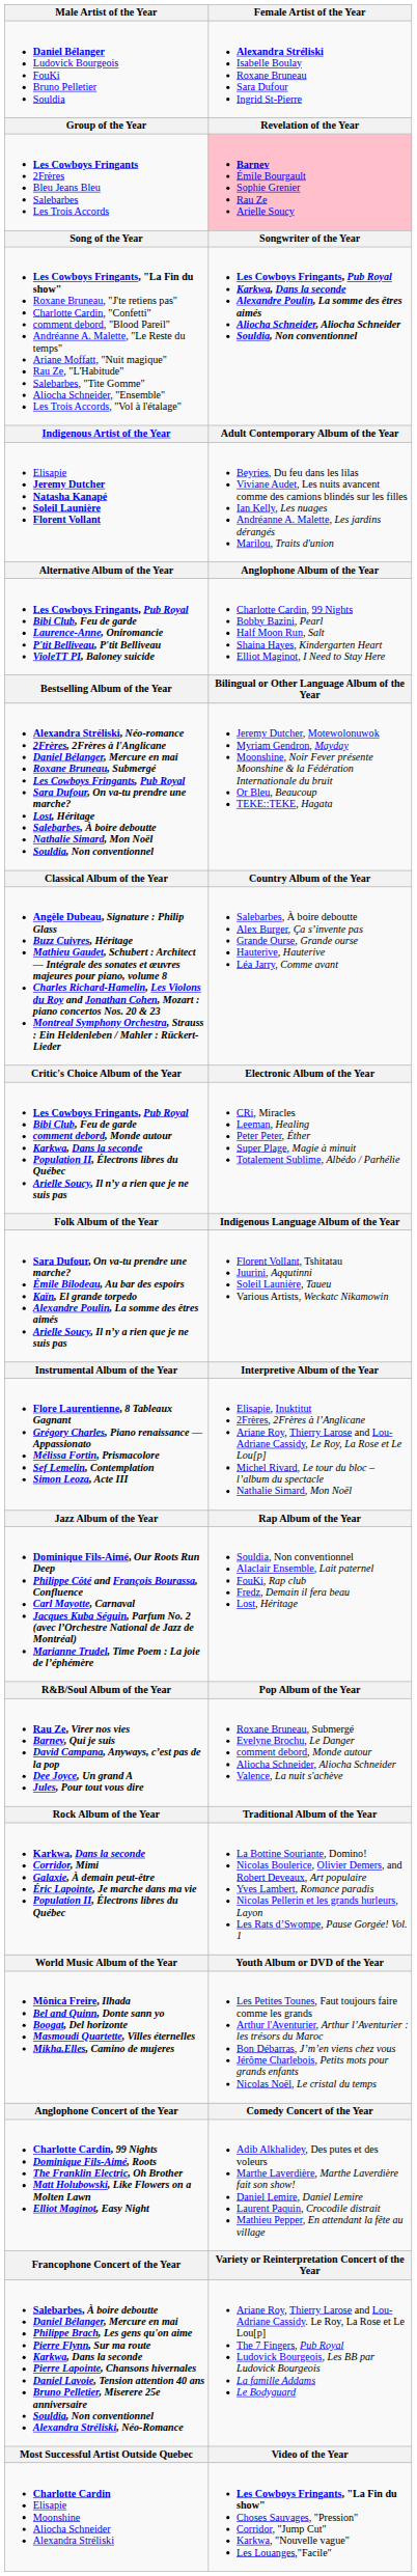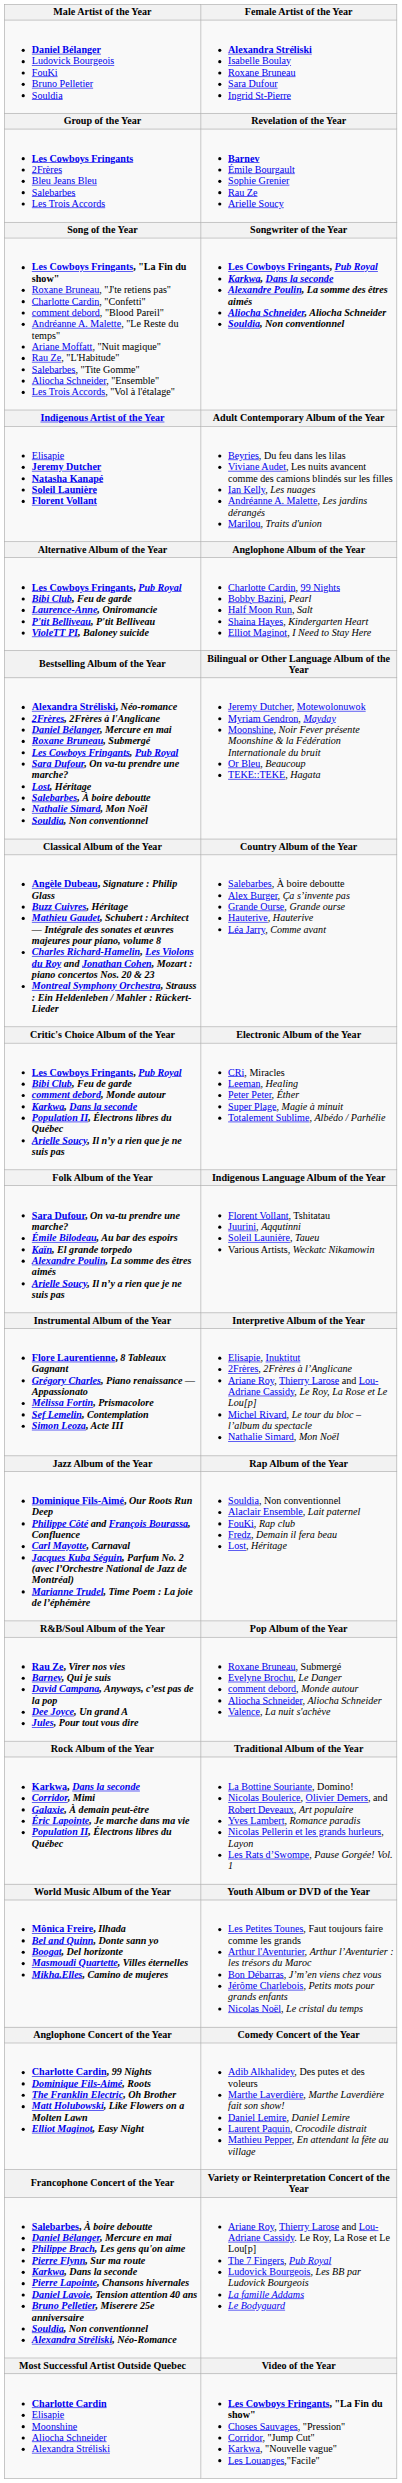 <table class=wikitable style="width:100%">
 <tr>
 <th style="width:50%">Male Artist of the Year</th>
 <th style="width:50%">Female Artist of the Year</th>
 </tr>
 <tr>
 <td valign="top"><br><ul><li> <strong><a href='#'>Daniel Bélanger</a></strong></li><li><a href='#'>Ludovick Bourgeois</a></li><li><a href='#'>FouKi</a></li><li><a href='#'>Bruno Pelletier</a></li><li><a href='#'>Souldia</a></li></ul></td>
 <td valign="top"><br><ul><li> <strong><a href='#'>Alexandra Stréliski</a></strong></li><li><a href='#'>Isabelle Boulay</a></li><li><a href='#'>Roxane Bruneau</a></li><li><a href='#'>Sara Dufour</a></li><li><a href='#'>Ingrid St-Pierre</a></li></ul></td>
 </tr>
 <tr>
 <th style="width:50%">Group of the Year</th>
 <th style="width:50%">Revelation of the Year</th>
 </tr>
 <tr>
 <td valign="top"><br><ul><li> <strong><a href='#'>Les Cowboys Fringants</a></strong></li><li><a href='#'>2Frères</a></li><li><a href='#'>Bleu Jeans Bleu</a></li><li><a href='#'>Salebarbes</a></li><li><a href='#'>Les Trois Accords</a></li></ul></td>
-<td valign="top" style="background: pink;"><br><ul><li> <strong><a href='#'>Barnev</a></strong></li><li><a href='#'>Émile Bourgault</a></li><li><a href='#'>Sophie Grenier</a></li><li><a href='#'>Rau Ze</a></li><li><a href='#'>Arielle Soucy</a></li></ul></td>
+<td valign="top"><br><ul><li> <strong><a href='#'>Barnev</a></strong></li><li><a href='#'>Émile Bourgault</a></li><li><a href='#'>Sophie Grenier</a></li><li><a href='#'>Rau Ze</a></li><li><a href='#'>Arielle Soucy</a></li></ul></td>
 </tr>
 <tr>
 <th style="width:50%">Song of the Year</th>
 <th style="width:50%">Songwriter of the Year</th>
 </tr>
 <tr>
 <td valign="top"><br><ul><li> <strong><a href='#'>Les Cowboys Fringants</a>, "La Fin du show"</strong></li><li><a href='#'>Roxane Bruneau</a>, "J'te retiens pas"</li><li><a href='#'>Charlotte Cardin</a>, "Confetti"</li><li><a href='#'>comment debord</a>, "Blood Pareil"</li><li><a href='#'>Andréanne A. Malette</a>, "Le Reste du temps"</li><li><a href='#'>Ariane Moffatt</a>, "Nuit magique"</li><li><a href='#'>Rau Ze</a>, "L'Habitude"</li><li><a href='#'>Salebarbes</a>, "Tite Gomme"</li><li><a href='#'>Aliocha Schneider</a>, "Ensemble"</li><li><a href='#'>Les Trois Accords</a>, "Vol à l'étalage"</li></ul></td>
 <td valign="top"><br><ul><li> <strong><a href='#'>Les Cowboys Fringants</a>, <em><a href='#'>Pub Royal</a><strong><em></li><li><a href='#'>Karkwa</a>, </em><a href='#'>Dans la seconde</a><em></li><li><a href='#'>Alexandre Poulin</a>, </em>La somme des êtres aimés<em></li><li><a href='#'>Aliocha Schneider</a>, </em>Aliocha Schneider<em></li><li><a href='#'>Souldia</a>, </em>Non conventionnel<em></li></ul></td>
 </tr>
 <tr>
 <th style="width:50%"><a href='#'>Indigenous Artist of the Year</a></th>
 <th style="width:50%">Adult Contemporary Album of the Year</th>
 </tr>
 <tr>
 <td valign="top"><br><ul><li> </strong><a href='#'>Elisapie</a><strong></li><li><a href='#'>Jeremy Dutcher</a></li><li><a href='#'>Natasha Kanapé</a></li><li><a href='#'>Soleil Launière</a></li><li><a href='#'>Florent Vollant</a></li></ul></td>
 <td valign="top"><br><ul><li> </strong><a href='#'>Beyries</a>, </em>Du feu dans les lilas</em></strong></li><li><a href='#'>Viviane Audet</a>, Les nuits avancent comme des camions blindés sur les filles</li><li><a href='#'>Ian Kelly</a>, <em>Les nuages</em></li><li><a href='#'>Andréanne A. Malette</a>, <em>Les jardins dérangés</em></li><li><a href='#'>Marilou</a>, <em>Traits d'union</em></li></ul></td>
 </tr>
 <tr>
 <th style="width:50%">Alternative Album of the Year</th>
 <th style="width:50%">Anglophone Album of the Year</th>
 </tr>
 <tr>
 <td valign="top"><br><ul><li> <strong><a href='#'>Les Cowboys Fringants</a>, <em><a href='#'>Pub Royal</a><strong><em></li><li><a href='#'>Bibi Club</a>, </em>Feu de garde<em></li><li><a href='#'>Laurence-Anne</a>, </em>Oniromancie<em></li><li><a href='#'>P'tit Belliveau</a>, </em>P'tit Belliveau<em></li><li><a href='#'>VioleTT PI</a>, </em>Baloney suicide<em></li></ul></td>
 <td valign="top"><br><ul><li> </strong><a href='#'>Charlotte Cardin</a>, </em><a href='#'>99 Nights</a></em></strong></li><li><a href='#'>Bobby Bazini</a>, <em>Pearl</em></li><li><a href='#'>Half Moon Run</a>, <em>Salt</em></li><li><a href='#'>Shaina Hayes</a>, <em>Kindergarten Heart</em></li><li><a href='#'>Elliot Maginot</a>, <em>I Need to Stay Here</em></li></ul></td>
 </tr>
 <tr>
 <th style="width:50%">Bestselling Album of the Year</th>
 <th style="width:50%">Bilingual or Other Language Album of the Year</th>
 </tr>
 <tr>
 <td valign="top"><br><ul><li> <strong><a href='#'>Alexandra Stréliski</a>, <em>Néo-romance<strong><em></li><li><a href='#'>2Frères</a>, </em>2Frères à l'Anglicane<em></li><li><a href='#'>Daniel Bélanger</a>, </em>Mercure en mai<em></li><li><a href='#'>Roxane Bruneau</a>, </em>Submergé<em></li><li><a href='#'>Les Cowboys Fringants</a>, </em><a href='#'>Pub Royal</a><em></li><li><a href='#'>Sara Dufour</a>, </em>On va-tu prendre une marche?<em></li><li><a href='#'>Lost</a>, </em>Héritage<em></li><li><a href='#'>Salebarbes</a>, </em>À boire deboutte<em></li><li><a href='#'>Nathalie Simard</a>, </em>Mon Noël<em></li><li><a href='#'>Souldia</a>, </em>Non conventionnel<em></li></ul></td>
 <td valign="top"><br><ul><li> </strong><a href='#'>Jeremy Dutcher</a>, </em><a href='#'>Motewolonuwok</a></em></strong></li><li><a href='#'>Myriam Gendron</a>, <em><a href='#'>Mayday</a></em></li><li><a href='#'>Moonshine</a>, <em>Noir Fever présente Moonshine & la Fédération Internationale du bruit</em></li><li><a href='#'>Or Bleu</a>, <em>Beaucoup</em></li><li><a href='#'>TEKE::TEKE</a>, <em>Hagata</em></li></ul></td>
 </tr>
 <tr>
 <th style="width:50%">Classical Album of the Year</th>
 <th style="width:50%">Country Album of the Year</th>
 </tr>
 <tr>
 <td valign="top"><br><ul><li> <strong><a href='#'>Angèle Dubeau</a>, <em>Signature : Philip Glass<strong><em></li><li><a href='#'>Buzz Cuivres</a>, </em>Héritage<em></li><li><a href='#'>Mathieu Gaudet</a>, </em>Schubert : Architect — Intégrale des sonates et œuvres majeures pour piano, volume 8<em></li><li><a href='#'>Charles Richard-Hamelin</a>, <a href='#'>Les Violons du Roy</a> and <a href='#'>Jonathan Cohen</a>, </em>Mozart : piano concertos Nos. 20 & 23<em></li><li><a href='#'>Montreal Symphony Orchestra</a>, </em>Strauss : Ein Heldenleben / Mahler : Rückert-Lieder<em></li></ul></td>
 <td valign="top"><br><ul><li> </strong><a href='#'>Salebarbes</a>, </em>À boire deboutte</em></strong></li><li><a href='#'>Alex Burger</a>, <em>Ça s’invente pas</em></li><li><a href='#'>Grande Ourse</a>, <em>Grande ourse</em></li><li><a href='#'>Hauterive</a>, <em>Hauterive</em></li><li><a href='#'>Léa Jarry</a>, <em>Comme avant</em></li></ul></td>
 </tr>
 <tr>
 <th style="width:50%">Critic's Choice Album of the Year</th>
 <th style="width:50%">Electronic Album of the Year</th>
 </tr>
 <tr>
 <td valign="top"><br><ul><li> <strong><a href='#'>Les Cowboys Fringants</a>, <em><a href='#'>Pub Royal</a><strong><em></li><li><a href='#'>Bibi Club</a>, </em>Feu de garde<em></li><li><a href='#'>comment debord</a>, </em>Monde autour<em></li><li><a href='#'>Karkwa</a>, </em><a href='#'>Dans la seconde</a><em></li><li><a href='#'>Population II</a>, </em>Électrons libres du Québec<em></li><li><a href='#'>Arielle Soucy</a>, </em>Il n’y a rien que je ne suis pas<em></li></ul></td>
 <td valign="top"><br><ul><li> </strong><a href='#'>CRi</a>, </em>Miracles</em></strong></li><li><a href='#'>Leeman</a>, <em>Healing</em></li><li><a href='#'>Peter Peter</a>, <em>Éther</em></li><li><a href='#'>Super Plage</a>, <em>Magie à minuit</em></li><li><a href='#'>Totalement Sublime</a>, <em>Albédo / Parhélie</em></li></ul></td>
 </tr>
 <tr>
 <th style="width:50%">Folk Album of the Year</th>
 <th style="width:50%">Indigenous Language Album of the Year</th>
 </tr>
 <tr>
 <td valign="top"><br><ul><li> <strong><a href='#'>Sara Dufour</a>, <em>On va-tu prendre une marche?<strong><em></li><li><a href='#'>Émile Bilodeau</a>, </em>Au bar des espoirs<em></li><li><a href='#'>Kaïn</a>, </em>El grande torpedo<em></li><li><a href='#'>Alexandre Poulin</a>, </em>La somme des êtres aimés<em></li><li><a href='#'>Arielle Soucy</a>, </em>Il n’y a rien que je ne suis pas<em></li></ul></td>
 <td valign="top"><br><ul><li> </strong><a href='#'>Florent Vollant</a>, </em>Tshitatau</em></strong></li><li><a href='#'>Juurini</a>, <em>Aqqutinni</em></li><li><a href='#'>Soleil Launière</a>, <em>Taueu</em></li><li>Various Artists, <em>Weckatc Nikamowin</em></li></ul></td>
 </tr>
 <tr>
 <th style="width:50%">Instrumental Album of the Year</th>
 <th style="width:50%">Interpretive Album of the Year</th>
 </tr>
 <tr>
 <td valign="top"><br><ul><li> <strong><a href='#'>Flore Laurentienne</a>, <em>8 Tableaux Gagnant<strong><em></li><li><a href='#'>Grégory Charles</a>, </em>Piano renaissance — Appassionato<em></li><li><a href='#'>Mélissa Fortin</a>, </em>Prismacolore<em></li><li><a href='#'>Sef Lemelin</a>, </em>Contemplation<em></li><li><a href='#'>Simon Leoza</a>, </em>Acte III<em></li></ul></td>
 <td valign="top"><br><ul><li> </strong><a href='#'>Elisapie</a>, </em><a href='#'>Inuktitut</a></em></strong></li><li><a href='#'>2Frères</a>, <em>2Frères à l’Anglicane</em></li><li><a href='#'>Ariane Roy</a>, <a href='#'>Thierry Larose</a> and <a href='#'>Lou-Adriane Cassidy</a>, <em>Le Roy, La Rose et Le Lou[p]</em></li><li><a href='#'>Michel Rivard</a>, <em>Le tour du bloc – l’album du spectacle</em></li><li><a href='#'>Nathalie Simard</a>, <em>Mon Noël</em></li></ul></td>
 </tr>
 <tr>
 <th style="width:50%">Jazz Album of the Year</th>
 <th style="width:50%">Rap Album of the Year</th>
 </tr>
 <tr>
 <td valign="top"><br><ul><li> <strong><a href='#'>Dominique Fils-Aimé</a>, <em>Our Roots Run Deep<strong><em></li><li><a href='#'>Philippe Côté</a> and <a href='#'>François Bourassa</a>, </em>Confluence<em></li><li><a href='#'>Carl Mayotte</a>, </em>Carnaval<em></li><li><a href='#'>Jacques Kuba Séguin</a>, </em>Parfum No. 2 (avec l’Orchestre National de Jazz de Montréal)<em></li><li><a href='#'>Marianne Trudel</a>, </em>Time Poem : La joie de l’éphémère<em></li></ul></td>
 <td valign="top"><br><ul><li> </strong><a href='#'>Souldia</a>, </em>Non conventionnel</em></strong></li><li><a href='#'>Alaclair Ensemble</a>, <em>Lait paternel</em></li><li><a href='#'>FouKi</a>, <em>Rap club</em></li><li><a href='#'>Fredz</a>, <em>Demain il fera beau</em></li><li><a href='#'>Lost</a>, <em>Héritage</em></li></ul></td>
 </tr>
 <tr>
 <th style="width:50%">R&B/Soul Album of the Year</th>
 <th style="width:50%">Pop Album of the Year</th>
 </tr>
 <tr>
 <td valign="top"><br><ul><li> <strong><a href='#'>Rau Ze</a>, <em>Virer nos vies<strong><em></li><li><a href='#'>Barnev</a>, </em>Qui je suis<em></li><li><a href='#'>David Campana</a>, </em>Anyways, c’est pas de la pop<em></li><li><a href='#'>Dee Joyce</a>, </em>Un grand A<em></li><li><a href='#'>Jules</a>, </em>Pour tout vous dire<em></li></ul></td>
 <td valign="top"><br><ul><li> </strong><a href='#'>Roxane Bruneau</a>, </em>Submergé</em></strong></li><li><a href='#'>Evelyne Brochu</a>, <em>Le Danger</em></li><li><a href='#'>comment debord</a>, <em>Monde autour</em></li><li><a href='#'>Aliocha Schneider</a>, <em>Aliocha Schneider</em></li><li><a href='#'>Valence</a>, <em>La nuit s'achève</em></li></ul></td>
 </tr>
 <tr>
 <th style="width:50%">Rock Album of the Year</th>
 <th style="width:50%">Traditional Album of the Year</th>
 </tr>
 <tr>
 <td valign="top"><br><ul><li> <strong><a href='#'>Karkwa</a>, <em><a href='#'>Dans la seconde</a><strong><em></li><li><a href='#'>Corridor</a>, </em>Mimi<em></li><li><a href='#'>Galaxie</a>, </em>À demain peut-être<em></li><li><a href='#'>Éric Lapointe</a>, </em>Je marche dans ma vie<em></li><li><a href='#'>Population II</a>, </em>Électrons libres du Québec<em></li></ul></td>
 <td valign="top"><br><ul><li> </strong><a href='#'>La Bottine Souriante</a>, </em>Domino!</em></strong></li><li><a href='#'>Nicolas Boulerice</a>, <a href='#'>Olivier Demers</a>, and <a href='#'>Robert Deveaux</a>, <em>Art populaire</em></li><li><a href='#'>Yves Lambert</a>, <em>Romance paradis</em></li><li><a href='#'>Nicolas Pellerin et les grands hurleurs</a>, <em>Layon</em></li><li><a href='#'>Les Rats d’Swompe</a>, <em>Pause Gorgée! Vol. 1</em></li></ul></td>
 </tr>
 <tr>
 <th style="width:50%">World Music Album of the Year</th>
 <th style="width:50%">Youth Album or DVD of the Year</th>
 </tr>
 <tr>
 <td valign="top"><br><ul><li> <strong><a href='#'>Mônica Freire</a>, <em>Ilhada<strong><em></li><li><a href='#'>Bel and Quinn</a>, </em>Donte sann yo<em></li><li><a href='#'>Boogat</a>, </em>Del horizonte<em></li><li><a href='#'>Masmoudi Quartette</a>, </em>Villes éternelles<em></li><li><a href='#'>Mikha.Elles</a>, </em>Camino de mujeres<em></li></ul></td>
 <td valign="top"><br><ul><li> </strong><a href='#'>Les Petites Tounes</a>, </em>Faut toujours faire comme les grands</em></strong></li><li><a href='#'>Arthur l'Aventurier</a>, <em>Arthur l’Aventurier : les trésors du Maroc</em></li><li><a href='#'>Bon Débarras</a>, <em>J’m’en viens chez vous</em></li><li><a href='#'>Jérôme Charlebois</a>, <em>Petits mots pour grands enfants</em></li><li><a href='#'>Nicolas Noël</a>, <em>Le cristal du temps</em></li></ul></td>
 </tr>
 <tr>
 <th style="width:50%">Anglophone Concert of the Year</th>
 <th style="width:50%">Comedy Concert of the Year</th>
 </tr>
 <tr>
 <td valign="top"><br><ul><li> <strong><a href='#'>Charlotte Cardin</a>, <em>99 Nights<strong><em></li><li><a href='#'>Dominique Fils-Aimé</a>, </em>Roots<em></li><li><a href='#'>The Franklin Electric</a>, </em>Oh Brother<em></li><li><a href='#'>Matt Holubowski</a>, </em>Like Flowers on a Molten Lawn<em></li><li><a href='#'>Elliot Maginot</a>, </em>Easy Night<em></li></ul></td>
 <td valign="top"><br><ul><li> </strong><a href='#'>Adib Alkhalidey</a>, </em>Des putes et des voleurs</em></strong></li><li><a href='#'>Marthe Laverdière</a>, <em>Marthe Laverdière fait son show!</em></li><li><a href='#'>Daniel Lemire</a>, <em>Daniel Lemire</em></li><li><a href='#'>Laurent Paquin</a>, <em>Crocodile distrait</em></li><li><a href='#'>Mathieu Pepper</a>, <em>En attendant la fête au village</em></li></ul></td>
 </tr>
 <tr>
 <th style="width:50%">Francophone Concert of the Year</th>
 <th style="width:50%">Variety or Reinterpretation Concert of the Year</th>
 </tr>
 <tr>
 <td valign="top"><br><ul><li> <strong><a href='#'>Salebarbes</a>, <em>À boire deboutte<strong><em></li><li><a href='#'>Daniel Bélanger</a>, </em>Mercure en mai<em></li><li><a href='#'>Philippe Brach</a>, </em>Les gens qu'on aime<em></li><li><a href='#'>Pierre Flynn</a>, </em>Sur ma route<em></li><li><a href='#'>Karkwa</a>, </em>Dans la seconde<em></li><li><a href='#'>Pierre Lapointe</a>, </em>Chansons hivernales<em></li><li><a href='#'>Daniel Lavoie</a>, </em>Tension attention 40 ans<em></li><li><a href='#'>Bruno Pelletier</a>, </em>Miserere 25e anniversaire<em></li><li><a href='#'>Souldia</a>, </em>Non conventionnel<em></li><li><a href='#'>Alexandra Stréliski</a>, </em>Néo-Romance<em></li></ul></td>
 <td valign="top"><br><ul><li> </strong><a href='#'>Ariane Roy</a>, <a href='#'>Thierry Larose</a> and <a href='#'>Lou-Adriane Cassidy</a>. </em>Le Roy, La Rose et Le Lou[p]</em></strong></li><li><a href='#'>The 7 Fingers</a>, <em><a href='#'>Pub Royal</a></em></li><li><a href='#'>Ludovick Bourgeois</a>, <em>Les BB par Ludovick Bourgeois</em></li><li><em><a href='#'>La famille Addams</a></em></li><li><em><a href='#'>Le Bodyguard</a></em></li></ul></td>
 </tr>
 <tr>
 <th style="width:50%">Most Successful Artist Outside Quebec</th>
 <th style="width:50%">Video of the Year</th>
 </tr>
 <tr>
 <td valign="top"><br><ul><li> <strong><a href='#'>Charlotte Cardin</a></strong></li><li><a href='#'>Elisapie</a></li><li><a href='#'>Moonshine</a></li><li><a href='#'>Aliocha Schneider</a></li><li><a href='#'>Alexandra Stréliski</a></li></ul></td>
 <td valign="top"><br><ul><li> <strong><a href='#'>Les Cowboys Fringants</a>, "La Fin du show"</strong></li><li><a href='#'>Choses Sauvages</a>, "Pression"</li><li><a href='#'>Corridor</a>, "Jump Cut"</li><li><a href='#'>Karkwa</a>, "Nouvelle vague"</li><li><a href='#'>Les Louanges</a>,"Facile"</li></ul></td>
 </tr>
 </table>
